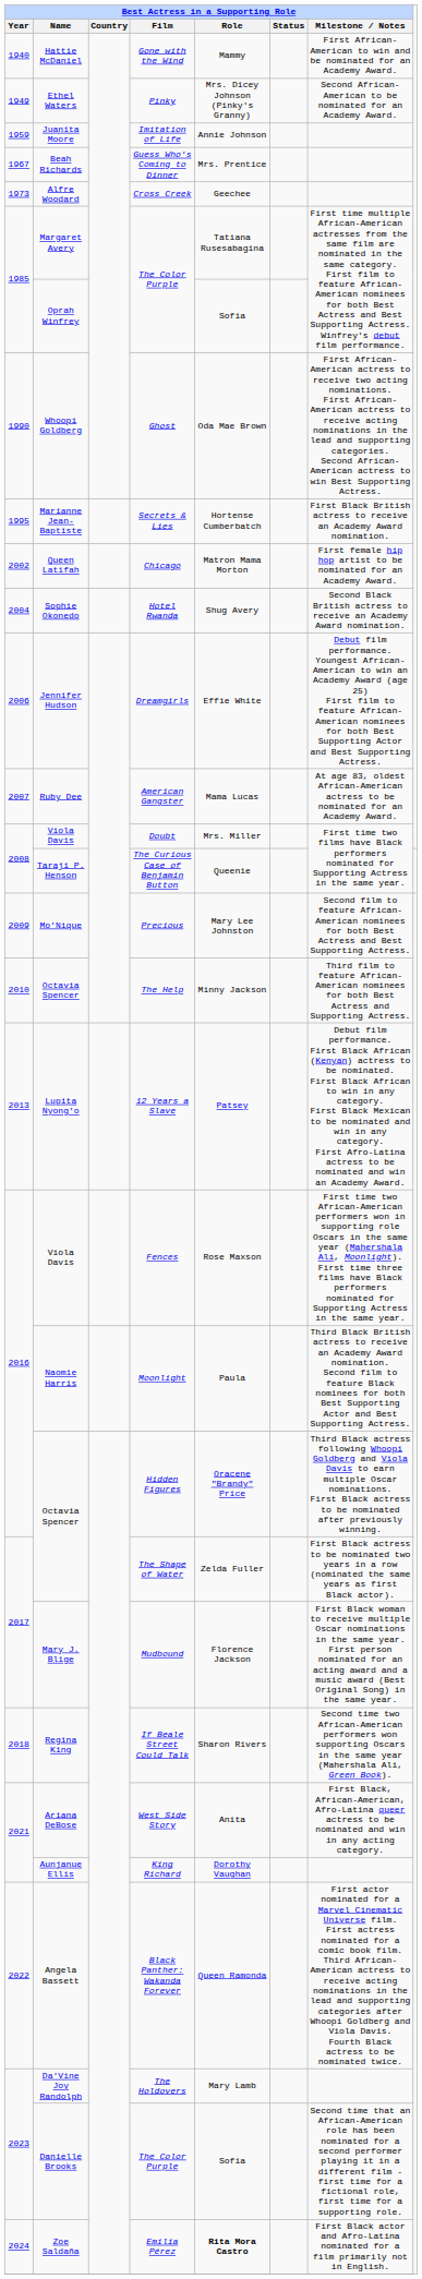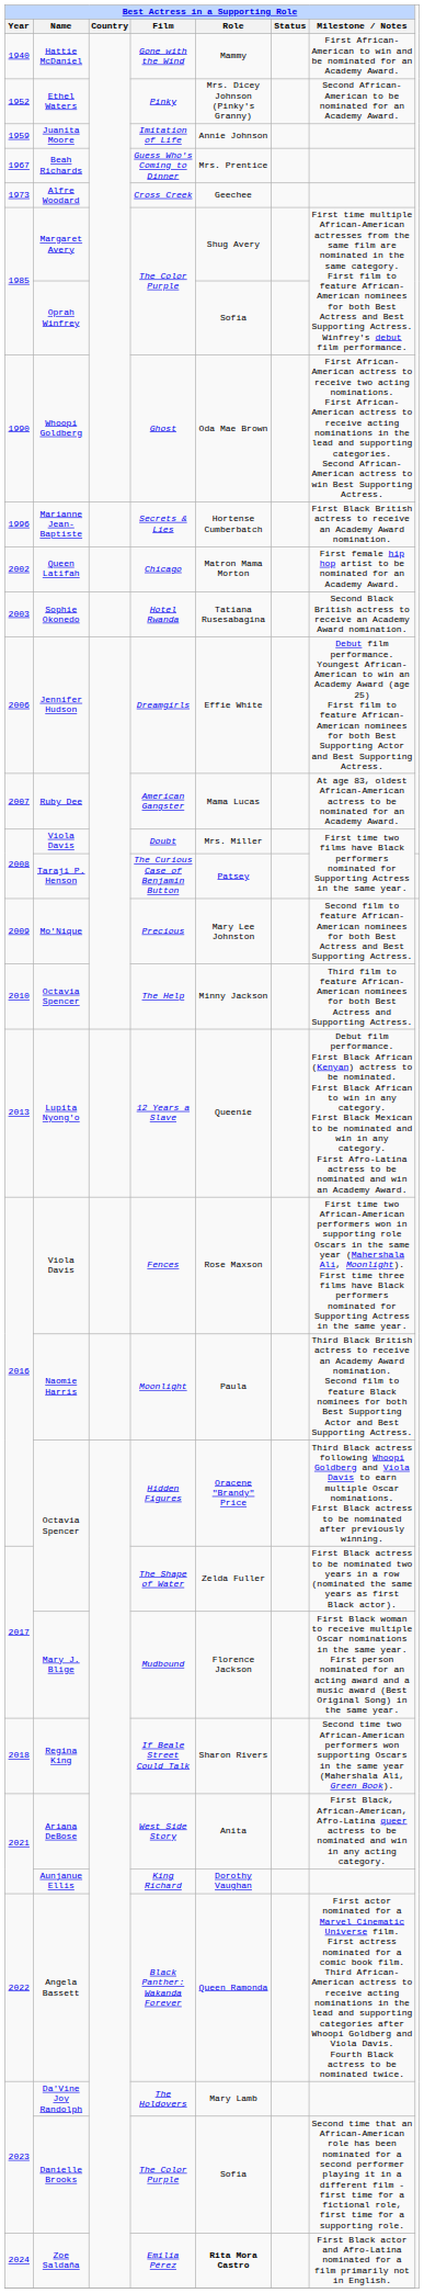 <table class="wikitable" style="text-align: center">
 <tr style="background:#bfd7ff;">
 <td colspan="7" style="text-align:center;"><strong><a href='#'>Best Actress in a Supporting Role</a></strong></td>
 </tr>
 <tr style="background:#ebf5ff;">
 <th style="width:075px;">Year</th>
 <th style="width:200px;">Name</th>
 <th style="width:50px;">Country</th>
 <th style="width:200px;">Film</th>
 <th style="width:200px;">Role</th>
 <th style="width:080px;">Status</th>
 <th style="width:650px;">Milestone / Notes</th>
 </tr>
 <tr>
 <td><a href='#'>1940</a></td>
 <td><a href='#'>Hattie McDaniel</a></td>
 <td rowspan="8"><div></div></td>
 <td><em><a href='#'>Gone with the Wind</a></em></td>
 <td>Mammy</td>
 <td></td>
 <td>First African-American to win and be nominated for an Academy Award.</td>
 </tr>
 <tr>
-<td><a href='#'>1949</a></td>
+<td><a href='#'>1952</a></td>
 <td><a href='#'>Ethel Waters</a></td>
 <td><em><a href='#'>Pinky</a></em></td>
 <td>Mrs. Dicey Johnson (Pinky's Granny)</td>
 <td></td>
 <td>Second African-American to be nominated for an Academy Award.</td>
 </tr>
 <tr>
 <td><a href='#'>1959</a></td>
 <td><a href='#'>Juanita Moore</a></td>
 <td><em><a href='#'>Imitation of Life</a></em></td>
 <td>Annie Johnson</td>
 <td></td>
 <td></td>
 </tr>
 <tr>
 <td><a href='#'>1967</a></td>
 <td><a href='#'>Beah Richards</a></td>
 <td><em><a href='#'>Guess Who's Coming to Dinner</a></em></td>
 <td>Mrs. Prentice</td>
 <td></td>
 <td></td>
 </tr>
 <tr>
 <td><a href='#'>1973</a></td>
 <td><a href='#'>Alfre Woodard</a></td>
 <td><em><a href='#'>Cross Creek</a></em></td>
 <td>Geechee</td>
 <td></td>
 <td></td>
 </tr>
 <tr>
 <td rowspan="2"><a href='#'>1985</a></td>
 <td><a href='#'>Margaret Avery</a></td>
 <td rowspan="2"><em><a href='#'>The Color Purple</a></em></td>
-<td>Tatiana Rusesabagina</td>
+<td>Shug Avery</td>
 <td></td>
 <td rowspan="2">First time multiple African-American actresses from the same film are nominated in the same category. <br> First film to feature African-American nominees for both Best Actress and Best Supporting Actress. <br> Winfrey's <a href='#'>debut</a> film performance.</td>
 </tr>
 <tr>
 <td><a href='#'>Oprah Winfrey</a></td>
 <td>Sofia</td>
 <td></td>
 </tr>
 <tr>
 <td><a href='#'>1990</a></td>
 <td><a href='#'>Whoopi Goldberg</a></td>
 <td><em><a href='#'>Ghost</a></em></td>
 <td>Oda Mae Brown</td>
 <td></td>
 <td>First African-American actress to receive two acting nominations.<br>First African-American actress to receive acting nominations in the lead and supporting categories.<br>Second African-American actress to win Best Supporting Actress.</td>
 </tr>
 <tr>
-<td><a href='#'>1995</a></td>
+<td><a href='#'>1996</a></td>
 <td><a href='#'>Marianne Jean-Baptiste</a></td>
 <td><div></div></td>
 <td><em><a href='#'>Secrets & Lies</a></em></td>
 <td>Hortense Cumberbatch</td>
 <td></td>
 <td>First Black British actress to receive an Academy Award nomination.</td>
 </tr>
 <tr>
 <td><a href='#'>2002</a></td>
 <td><a href='#'>Queen Latifah</a></td>
 <td><div></div></td>
 <td><em><a href='#'>Chicago</a></em></td>
 <td>Matron Mama Morton</td>
 <td></td>
 <td>First female <a href='#'>hip hop</a> artist to be nominated for an Academy Award.</td>
 </tr>
 <tr>
-<td><a href='#'>2004</a></td>
+<td><a href='#'>2003</a></td>
 <td><a href='#'>Sophie Okonedo</a></td>
 <td><div></div></td>
 <td><em><a href='#'>Hotel Rwanda</a></em></td>
-<td>Shug Avery</td>
+<td>Tatiana Rusesabagina</td>
 <td></td>
 <td>Second Black British actress to receive an Academy Award nomination.</td>
 </tr>
 <tr>
 <td><a href='#'>2006</a></td>
 <td><a href='#'>Jennifer Hudson</a></td>
 <td rowspan="6"><div></div></td>
 <td><em><a href='#'>Dreamgirls</a></em></td>
 <td>Effie White</td>
 <td></td>
 <td><a href='#'>Debut</a> film performance. <br> Youngest African-American to win an Academy Award (age 25) <br>First film to feature African-American nominees for both Best Supporting Actor and Best Supporting Actress.</td>
 </tr>
 <tr>
 <td><a href='#'>2007</a></td>
 <td><a href='#'>Ruby Dee</a></td>
 <td><em><a href='#'>American Gangster</a></em></td>
 <td>Mama Lucas</td>
 <td></td>
 <td>At age 83, oldest African-American actress to be nominated for an Academy Award.</td>
 </tr>
 <tr>
 <td rowspan="2"><a href='#'>2008</a></td>
 <td><a href='#'>Viola Davis</a></td>
 <td><em><a href='#'>Doubt</a></em></td>
 <td>Mrs. Miller</td>
 <td></td>
 <td rowspan="2">First time two films have Black performers nominated for Supporting Actress in the same year.</td>
 </tr>
 <tr>
 <td><a href='#'>Taraji P. Henson</a></td>
 <td><em><a href='#'>The Curious Case of Benjamin Button</a></em></td>
-<td>Queenie</td>
+<td><a href='#'>Patsey</a></td>
 <td></td>
 <td></td>
 </tr>
 <tr>
 <td><a href='#'>2009</a></td>
 <td><a href='#'>Mo'Nique</a></td>
 <td><em><a href='#'>Precious</a></em></td>
 <td>Mary Lee Johnston</td>
 <td></td>
 <td>Second film to feature African-American nominees for both Best Actress and Best Supporting Actress.</td>
 </tr>
 <tr>
 <td><a href='#'>2010</a></td>
 <td><a href='#'>Octavia Spencer</a></td>
 <td><em><a href='#'>The Help</a></em></td>
 <td>Minny Jackson</td>
 <td></td>
 <td>Third film to feature African-American nominees for both Best Actress and Supporting Actress.</td>
 </tr>
 <tr>
 <td><a href='#'>2013</a></td>
 <td><a href='#'>Lupita Nyong'o</a></td>
 <td><div></div><div></div></td>
 <td><em><a href='#'>12 Years a Slave</a></em></td>
-<td><a href='#'>Patsey</a></td>
+<td>Queenie</td>
 <td></td>
 <td>Debut film performance. <br>First Black African (<a href='#'>Kenyan</a>) actress to be nominated. <br>First Black African to win in any category.<br>First Black Mexican to be nominated and win in any category.<br>First Afro-Latina actress to be nominated and win an Academy Award.</td>
 </tr>
 <tr>
 <td rowspan="3"><a href='#'>2016</a></td>
 <td>Viola Davis</td>
 <td><div></div></td>
 <td><em><a href='#'>Fences</a></em></td>
 <td>Rose Maxson</td>
 <td></td>
 <td>First time two African-American performers won in supporting role Oscars in the same year (<a href='#'>Mahershala Ali</a>, <em><a href='#'>Moonlight</a></em>).<br>First time three films have Black performers nominated for Supporting Actress in the same year.</td>
 </tr>
 <tr>
 <td><a href='#'>Naomie Harris</a></td>
 <td><div></div></td>
 <td><em><a href='#'>Moonlight</a></em></td>
 <td>Paula</td>
 <td></td>
 <td>Third Black British actress to receive an Academy Award nomination.<br>Second film to feature Black nominees for both Best Supporting Actor and Best Supporting Actress.</td>
 </tr>
 <tr>
 <td rowspan="2">Octavia Spencer</td>
 <td rowspan="10"><div></div></td>
 <td><em><a href='#'>Hidden Figures</a></em></td>
 <td><a href='#'>Oracene "Brandy" Price</a></td>
 <td></td>
 <td>Third Black actress following <a href='#'>Whoopi Goldberg</a> and <a href='#'>Viola Davis</a> to earn multiple Oscar nominations.<br>First Black actress to be nominated after previously winning.</td>
 </tr>
 <tr>
 <td rowspan="2"><a href='#'>2017</a></td>
 <td><em><a href='#'>The Shape of Water</a></em></td>
 <td>Zelda Fuller</td>
 <td></td>
 <td First Black actress to be nominated twice after previously winning.>First Black actress to be nominated two years in a row (nominated the same years as first Black actor).</td>
 </tr>
 <tr>
 <td><a href='#'>Mary J. Blige</a></td>
 <td><em><a href='#'>Mudbound</a></em></td>
 <td>Florence Jackson</td>
 <td></td>
 <td>First Black woman to receive multiple Oscar nominations in the same year.<br>First person nominated for an acting award and a music award (Best Original Song) in the same year.</td>
 </tr>
 <tr>
 <td><a href='#'>2018</a></td>
 <td><a href='#'>Regina King</a></td>
 <td><em><a href='#'>If Beale Street Could Talk</a></em></td>
 <td>Sharon Rivers</td>
 <td></td>
 <td>Second time two African-American performers won supporting Oscars in the same year (Mahershala Ali, <em><a href='#'>Green Book</a></em>).</td>
 </tr>
 <tr>
 <td rowspan="2"><a href='#'>2021</a></td>
 <td><a href='#'>Ariana DeBose</a></td>
 <td><em><a href='#'>West Side Story</a></em></td>
 <td>Anita</td>
 <td></td>
 <td>First Black, African-American, Afro-Latina <a href='#'>queer</a> actress to be nominated and win in any acting category.</td>
 </tr>
 <tr>
 <td><a href='#'>Aunjanue Ellis</a></td>
 <td><em><a href='#'>King Richard</a></em></td>
 <td><a href='#'>Dorothy Vaughan</a></td>
 <td></td>
 <td></td>
 </tr>
 <tr>
 <td rowspan="1"><a href='#'>2022</a></td>
 <td>Angela Bassett</td>
 <td><em><a href='#'>Black Panther: Wakanda Forever</a></em></td>
 <td><a href='#'>Queen Ramonda</a></td>
 <td></td>
 <td>First actor nominated for a <a href='#'>Marvel Cinematic Universe</a> film. <br>First actress nominated for a comic book film.<br>Third African-American actress to receive acting nominations in the lead and supporting categories after Whoopi Goldberg and Viola Davis.<br>Fourth Black actress to be nominated twice.</td>
 </tr>
 <tr>
 <td rowspan="2"><a href='#'>2023</a></td>
 <td><a href='#'>Da'Vine Joy Randolph</a></td>
 <td><em><a href='#'>The Holdovers</a></em></td>
 <td>Mary Lamb</td>
 <td></td>
 <td></td>
 </tr>
 <tr>
 <td><a href='#'>Danielle Brooks</a></td>
 <td><em><a href='#'>The Color Purple</a></em></td>
 <td>Sofia</td>
 <td></td>
 <td>Second time that an African-American role has been nominated for a second performer playing it in a different film - first time for a fictional role, first time for a supporting role.</td>
 </tr>
 <tr>
 <td><a href='#'>2024</a></td>
 <td><a href='#'>Zoe Saldaña</a></td>
 <td><em><a href='#'>Emilia Pérez</a></em></td>
 <td><strong>Rita Mora Castro</strong></td>
 <td></td>
 <td>First Black actor and Afro-Latina nominated for a film primarily not in English.</td>
 </tr>
 <tr>
 </tr>
 </table>
